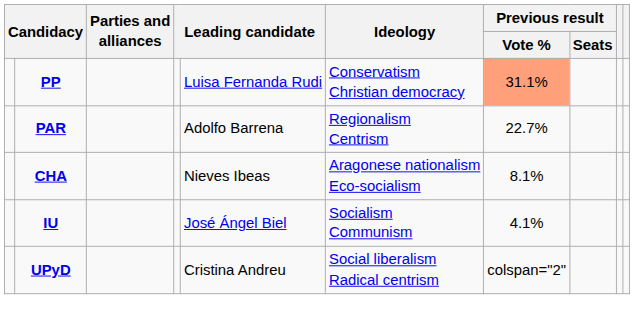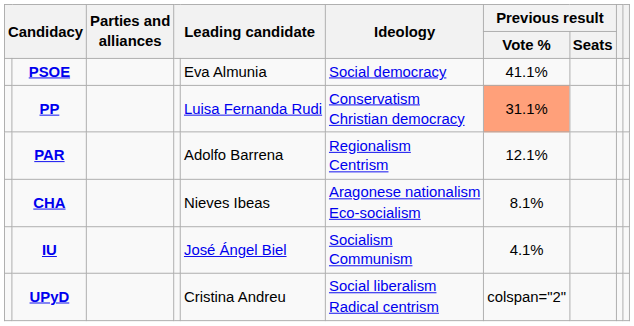 <table class="wikitable" style="line-height:1.35em; text-align:left;">
 <tr>
 <th colspan="2" rowspan="2">Candidacy</th>
 <th rowspan="2">Parties and<br>alliances</th>
 <th colspan="2" rowspan="2">Leading candidate</th>
 <th rowspan="2">Ideology</th>
 <th colspan="2">Previous result</th>
 <th rowspan="2"></th>
 <th rowspan="2"></th>
 </tr>
 <tr>
 <th>Vote %</th>
 <th>Seats</th>
+</tr>
+<tr>
+<td width="1" style="color:inherit;background:"></td>
+<td align="center"><strong><a href='#'>PSOE</a></strong></td>
+<td></td>
+<td></td>
+<td>Eva Almunia</td>
+<td><a href='#'>Social democracy</a></td>
+<td align="center">41.1%</td>
+<td></td>
+<td></td>
+<td></td>
 </tr>
 <tr>
 <td style="color:inherit;background:"></td>
 <td align="center"><strong><a href='#'>PP</a></strong></td>
 <td></td>
 <td></td>
 <td><a href='#'>Luisa Fernanda Rudi</a></td>
 <td><a href='#'>Conservatism</a><br><a href='#'>Christian democracy</a></td>
 <td align="center" style="background: lightsalmon;">31.1%</td>
 <td></td>
 <td></td>
 <td></td>
 </tr>
 <tr>
 <td style="color:inherit;background:"></td>
 <td align="center"><strong><a href='#'>PAR</a></strong></td>
 <td></td>
 <td></td>
 <td>Adolfo Barrena</td>
 <td><a href='#'>Regionalism</a><br><a href='#'>Centrism</a></td>
-<td align="center">22.7%</td>
+<td align="center">12.1%</td>
 <td></td>
 <td></td>
 <td></td>
 </tr>
 <tr>
 <td style="color:inherit;background:"></td>
 <td align="center"><strong><a href='#'>CHA</a></strong></td>
 <td></td>
 <td></td>
 <td>Nieves Ibeas</td>
 <td><a href='#'>Aragonese nationalism</a><br><a href='#'>Eco-socialism</a></td>
 <td align="center">8.1%</td>
 <td></td>
 <td></td>
 <td></td>
 </tr>
 <tr>
 <td style="color:inherit;background:"></td>
 <td align="center"><strong><a href='#'>IU</a></strong></td>
 <td></td>
 <td></td>
 <td><a href='#'>José Ángel Biel</a></td>
 <td><a href='#'>Socialism</a><br><a href='#'>Communism</a></td>
 <td align="center">4.1%</td>
 <td></td>
 <td></td>
 <td></td>
 </tr>
 <tr>
 <td style="color:inherit;background:"></td>
 <td align="center"><strong><a href='#'>UPyD</a></strong></td>
 <td></td>
 <td></td>
 <td>Cristina Andreu</td>
 <td><a href='#'>Social liberalism</a><br><a href='#'>Radical centrism</a></td>
 <td>colspan="2" </td>
 <td></td>
 <td></td>
 </tr>
 </table>
